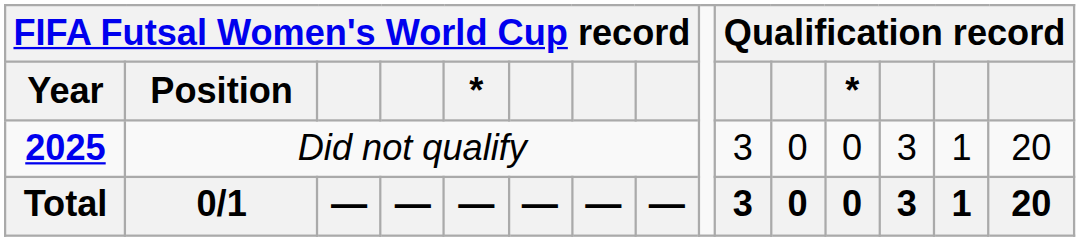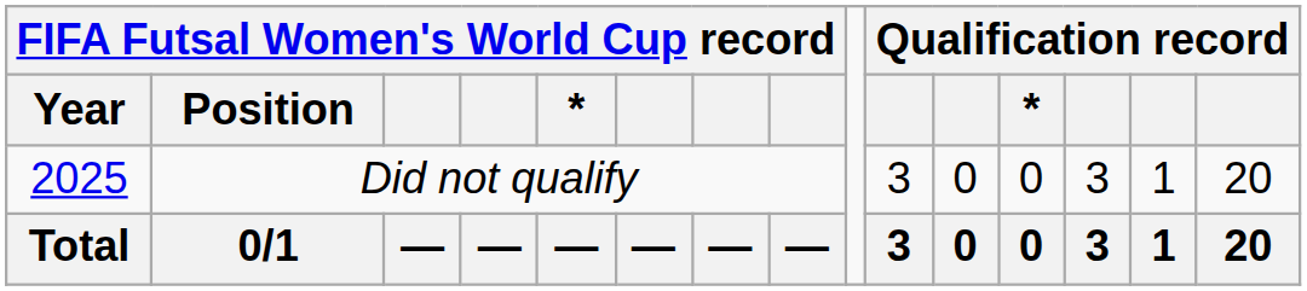 <table class="wikitable" style="text-align: center;">
 <tr>
 <th colspan="8"><a href='#'>FIFA Futsal Women's World Cup</a> record</th>
 <td rowspan=13></td>
 <th colspan=6>Qualification record</th>
 </tr>
 <tr>
 <th>Year</th>
 <th>Position</th>
 <th></th>
 <th></th>
 <th>*</th>
 <th></th>
 <th></th>
 <th></th>
 <th></th>
 <th></th>
 <th>*</th>
 <th></th>
 <th></th>
 <th></th>
 </tr>
 <tr>
-<td><strong> <a href='#'>2025</a></strong></td>
+<td> <a href='#'>2025</a></td>
 <td colspan="7"><em>Did not qualify</em></td>
 <td>3</td>
 <td>0</td>
 <td>0</td>
 <td>3</td>
 <td>1</td>
 <td>20</td>
 </tr>
 <tr>
 <th>Total</th>
 <th>0/1</th>
 <th>—</th>
 <th>—</th>
 <th>—</th>
 <th>—</th>
 <th>—</th>
 <th>—</th>
 <th>3</th>
 <th>0</th>
 <th>0</th>
 <th>3</th>
 <th>1</th>
 <th>20</th>
 </tr>
 </table>
